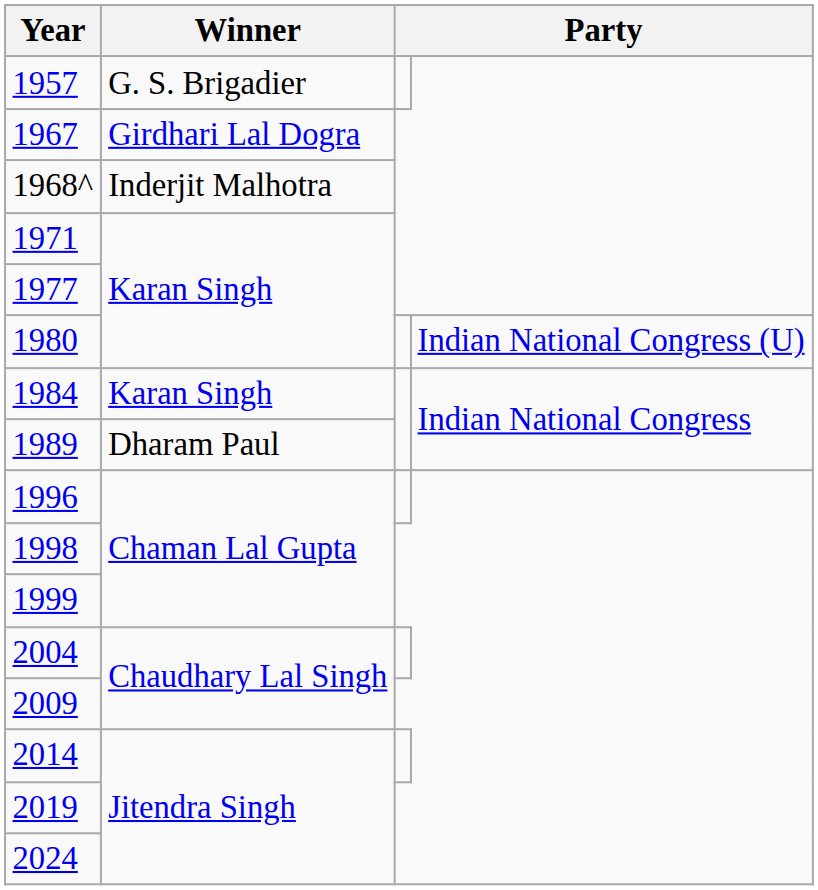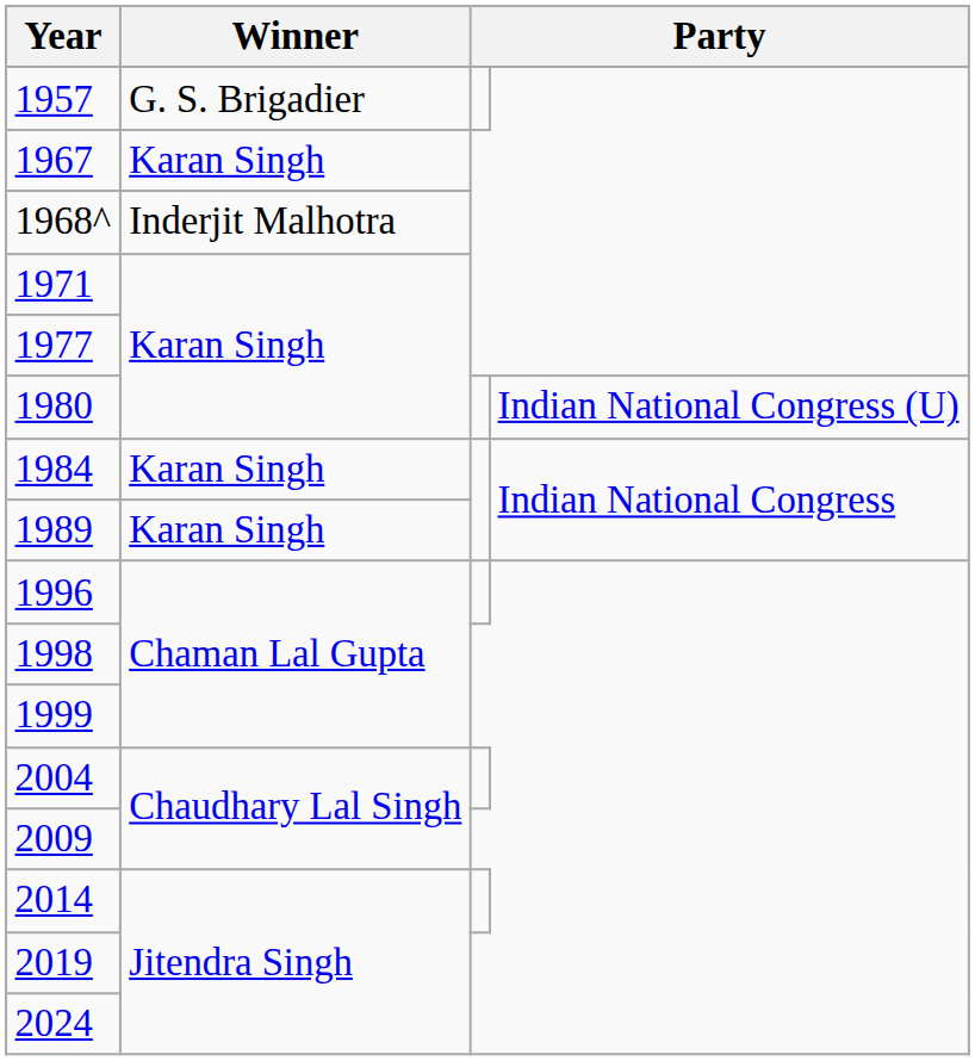 <table class="wikitable sortable">
 <tr>
 <th>Year</th>
 <th>Winner</th>
 <th colspan="2">Party</th>
 </tr>
 <tr>
 <td><a href='#'>1957</a></td>
 <td>G. S. Brigadier</td>
 <td></td>
 </tr>
 <tr>
 <td><a href='#'>1967</a></td>
-<td><a href='#'>Girdhari Lal Dogra</a></td>
+<td><a href='#'>Karan Singh</a></td>
 </tr>
 <tr>
 <td>1968^</td>
 <td>Inderjit Malhotra</td>
 </tr>
 <tr>
 <td><a href='#'>1971</a></td>
 <td rowspan="3"><a href='#'>Karan Singh</a></td>
 </tr>
 <tr>
 <td><a href='#'>1977</a></td>
 </tr>
 <tr>
 <td><a href='#'>1980</a></td>
 <td rowspan="1" style="background-color: "></td>
 <td><a href='#'>Indian National Congress (U)</a></td>
 </tr>
 <tr>
 <td><a href='#'>1984</a></td>
 <td><a href='#'>Karan Singh</a></td>
 <td rowspan="2" style="background-color: "></td>
 <td rowspan=2><a href='#'>Indian National Congress</a></td>
 </tr>
 <tr>
 <td><a href='#'>1989</a></td>
-<td>Dharam Paul</td>
+<td><a href='#'>Karan Singh</a></td>
 </tr>
 <tr>
 <td><a href='#'>1996</a></td>
 <td rowspan="3"><a href='#'>Chaman Lal Gupta</a></td>
 <td></td>
 </tr>
 <tr>
 <td><a href='#'>1998</a></td>
 </tr>
 <tr>
 <td><a href='#'>1999</a></td>
 </tr>
 <tr>
 <td><a href='#'>2004</a></td>
 <td rowspan="2"><a href='#'>Chaudhary Lal Singh</a></td>
 <td></td>
 </tr>
 <tr>
 <td><a href='#'>2009</a></td>
 </tr>
 <tr>
 <td><a href='#'>2014</a></td>
 <td rowspan="3"><a href='#'>Jitendra Singh</a></td>
 <td></td>
 </tr>
 <tr>
 <td><a href='#'>2019</a></td>
 </tr>
 <tr>
 <td><a href='#'>2024</a></td>
 </tr>
 </table>
